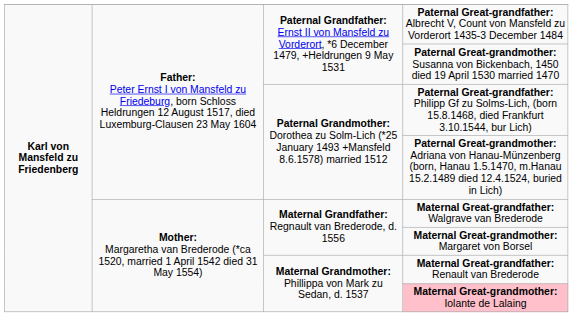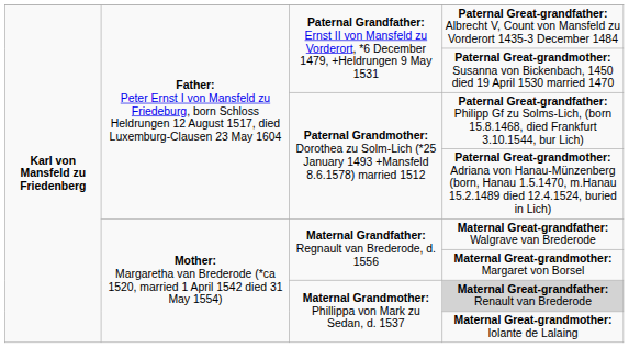 <table class="wikitable">
 <tr>
 </tr>
 <tr>
 <td rowspan="8" align="center"><strong>Karl von Mansfeld zu Friedenberg</strong></td>
 <td rowspan="4" align="center"><strong>Father:</strong><br><a href='#'>Peter Ernst I von Mansfeld zu Friedeburg</a>, born Schloss Heldrungen 12 August 1517, died Luxemburg-Clausen 23 May 1604</td>
 <td rowspan="2" align="center"><strong>Paternal Grandfather:</strong><br><a href='#'>Ernst II von Mansfeld zu Vorderort</a>, *6 December 1479, +Heldrungen 9 May 1531</td>
 <td align="center"><strong>Paternal Great-grandfather:</strong><br>Albrecht V, Count von Mansfeld zu Vorderort 1435-3 December 1484</td>
 </tr>
 <tr>
 <td align="center"><strong>Paternal Great-grandmother:</strong><br>Susanna von Bickenbach, 1450 died 19 April 1530 married 1470</td>
 </tr>
 <tr>
 <td rowspan="2" align="center"><strong>Paternal Grandmother:</strong><br>Dorothea zu Solm-Lich (*25 January 1493 +Mansfeld 8.6.1578) married 1512</td>
 <td align="center"><strong>Paternal Great-grandfather:</strong><br>Philipp Gf zu Solms-Lich, (born 15.8.1468, died Frankfurt 3.10.1544, bur Lich)</td>
 </tr>
 <tr>
 <td align="center"><strong>Paternal Great-grandmother:</strong><br>Adriana von Hanau-Münzenberg (born, Hanau 1.5.1470, m.Hanau 15.2.1489  died 12.4.1524, buried in Lich)</td>
 </tr>
 <tr>
 <td rowspan="4" align="center"><strong>Mother:</strong><br>Margaretha van Brederode (*ca 1520, married 1 April 1542  died 31 May 1554)</td>
 <td rowspan="2" align="center"><strong>Maternal Grandfather:</strong><br>Regnault van Brederode, d. 1556</td>
 <td align="center"><strong>Maternal Great-grandfather:</strong><br>Walgrave van Brederode</td>
 </tr>
 <tr>
 <td align="center"><strong>Maternal Great-grandmother:</strong><br>Margaret von Borsel</td>
 </tr>
 <tr>
 <td rowspan="2" align="center"><strong>Maternal Grandmother:</strong><br>Phillippa von Mark zu Sedan, d. 1537</td>
-<td align="center"><strong>Maternal Great-grandfather:</strong><br>Renault van Brederode</td>
+<td align="center" style="background: lightgrey;"><strong>Maternal Great-grandfather:</strong><br>Renault van Brederode</td>
 </tr>
 <tr>
-<td align="center" style="background: pink;"><strong>Maternal Great-grandmother:</strong><br>Iolante de Lalaing</td>
+<td align="center"><strong>Maternal Great-grandmother:</strong><br>Iolante de Lalaing</td>
 </tr>
 </table>
